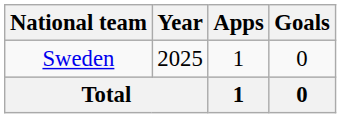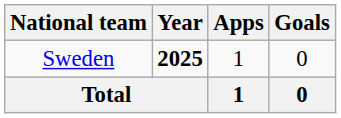 <table class="wikitable" style="text-align: center;">
 <tr>
 <th>National team</th>
 <th>Year</th>
 <th>Apps</th>
 <th>Goals</th>
 </tr>
 <tr>
 <td><a href='#'>Sweden</a></td>
-<td>2025</td>
+<td><strong>2025</strong></td>
 <td>1</td>
 <td>0</td>
 </tr>
 <tr>
 <th colspan="2">Total</th>
 <th>1</th>
 <th>0</th>
 </tr>
 </table>
